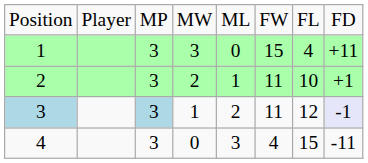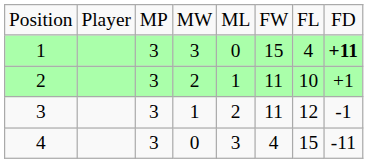 <table class="wikitable"style="text-align: center;">
 <tr>
 <td>Position</td>
 <td>Player</td>
 <td>MP</td>
 <td>MW</td>
 <td>ML</td>
 <td>FW</td>
 <td>FL</td>
 <td>FD</td>
 </tr>
 <tr style="background:#afa;">
 <td>1</td>
 <td style="text-align:left;"></td>
 <td>3</td>
 <td>3</td>
 <td>0</td>
 <td>15</td>
 <td>4</td>
-<td>+11</td>
+<td><strong>+11</strong></td>
 </tr>
 <tr style="background:#afa;">
 <td>2</td>
 <td style="text-align:left;"></td>
 <td>3</td>
 <td>2</td>
 <td>1</td>
 <td>11</td>
 <td>10</td>
 <td>+1</td>
 </tr>
 <tr>
-<td style="background: lightblue;">3</td>
+<td>3</td>
 <td style="text-align:left;"></td>
-<td style="background: lightblue;">3</td>
+<td>3</td>
 <td>1</td>
 <td>2</td>
 <td>11</td>
 <td>12</td>
-<td style="background: lavender;">-1</td>
+<td>-1</td>
 </tr>
 <tr>
 <td>4</td>
 <td style="text-align:left;"></td>
 <td>3</td>
 <td>0</td>
 <td>3</td>
 <td>4</td>
 <td>15</td>
 <td>-11</td>
 </tr>
 </table>
